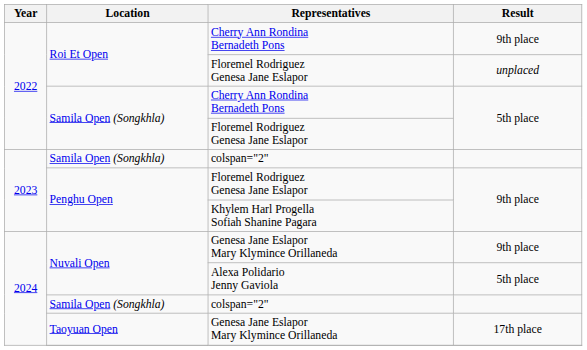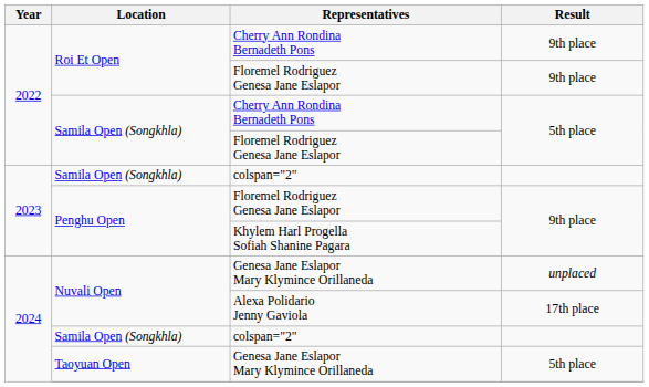 <table class="wikitable" style="font-size:100%; width:50%;">
 <tr>
 <th style= "align=center; width:10em;">Year</th>
 <th style= "align=center; width:65em;">Location</th>
 <th style= "align=center; width:100em;">Representatives</th>
 <th style= "align=center; width:50em;">Result</th>
 </tr>
 <tr>
 <td rowspan=4 align=center><a href='#'>2022</a></td>
 <td rowspan=2> <a href='#'>Roi Et Open</a></td>
 <td><a href='#'>Cherry Ann Rondina</a> <br> <a href='#'>Bernadeth Pons</a></td>
 <td align=center>9th place</td>
 </tr>
 <tr>
 <td>Floremel Rodriguez <br> Genesa Jane Eslapor</td>
-<td align=center><em>unplaced</em></td>
+<td align=center>9th place</td>
 </tr>
 <tr>
 <td rowspan=2> <a href='#'>Samila Open</a> <em>(Songkhla)</em></td>
 <td><a href='#'>Cherry Ann Rondina</a> <br> <a href='#'>Bernadeth Pons</a></td>
 <td rowspan=2 align=center>5th place</td>
 </tr>
 <tr>
 <td>Floremel Rodriguez <br> Genesa Jane Eslapor</td>
 </tr>
 <tr>
 <td rowspan=3 align=center><a href='#'>2023</a></td>
 <td> <a href='#'>Samila Open</a> <em>(Songkhla)</em></td>
 <td>colspan="2" <small>  </small></td>
 </tr>
 <tr>
 <td rowspan=2> <a href='#'>Penghu Open</a></td>
 <td>Floremel Rodriguez <br> Genesa Jane Eslapor</td>
 <td rowspan=2 align=center>9th place</td>
 </tr>
 <tr>
 <td>Khylem Harl Progella <br> Sofiah Shanine Pagara</td>
 </tr>
 <tr>
 <td rowspan=7 align=center><a href='#'>2024</a></td>
 <td rowspan=2> <a href='#'>Nuvali Open</a></td>
 <td>Genesa Jane Eslapor <br> Mary Klymince Orillaneda</td>
-<td align=center>9th place</td>
+<td align=center><em>unplaced</em></td>
 </tr>
 <tr>
 <td>Alexa Polidario <br> Jenny Gaviola</td>
-<td align=center>5th place</td>
+<td align=center>17th place</td>
 </tr>
 <tr>
 <td> <a href='#'>Samila Open</a> <em>(Songkhla)</em></td>
 <td>colspan="2" <small>  </small></td>
 </tr>
 <tr>
 <td> <a href='#'>Taoyuan Open</a></td>
 <td>Genesa Jane Eslapor <br> Mary Klymince Orillaneda</td>
-<td align=center>17th place</td>
+<td align=center>5th place</td>
 </tr>
 <tr>
 </tr>
 </table>
